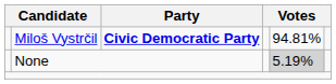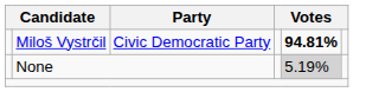 <table class="wikitable">
 <tr>
 <th colspan=2>Candidate</th>
 <th>Party</th>
 <th colspan=3>Votes</th>
 </tr>
 <tr>
 <td style="background:"></td>
 <td><a href='#'>Miloš Vystrčil</a></td>
-<td><strong><a href='#'>Civic Democratic Party</a></strong></td>
+<td><a href='#'>Civic Democratic Party</a></td>
 <td></td>
-<td>94.81%</td>
+<td><strong>94.81%</strong></td>
 <td></td>
 </tr>
 <tr>
 <td style="background:"></td>
 <td colspan=2>None</td>
 <td></td>
 <td style="background: lightgrey;">5.19%</td>
 <td></td>
 </tr>
 <tr>
 <td colspan=6></td>
 </tr>
 </table>
